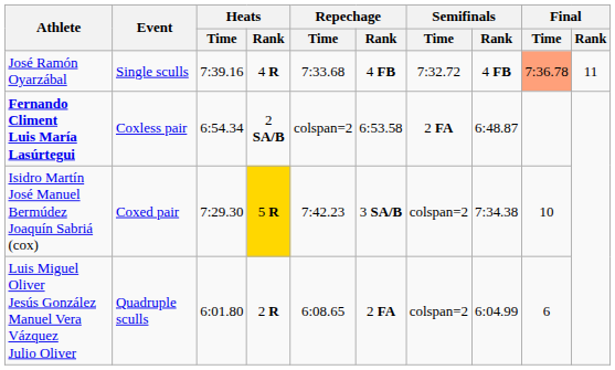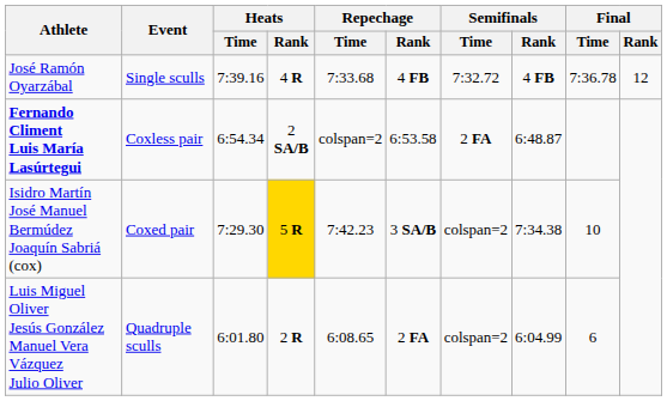 <table class="wikitable" style="font-size:90%">
 <tr>
 <th rowspan="2">Athlete</th>
 <th rowspan="2">Event</th>
 <th colspan="2">Heats</th>
 <th colspan="2">Repechage</th>
 <th colspan="2">Semifinals</th>
 <th colspan="2">Final</th>
 </tr>
 <tr style="font-size:95%">
 <th>Time</th>
 <th>Rank</th>
 <th>Time</th>
 <th>Rank</th>
 <th>Time</th>
 <th>Rank</th>
 <th>Time</th>
 <th>Rank</th>
 </tr>
 <tr align=center>
 <td align=left><a href='#'>José Ramón Oyarzábal</a></td>
 <td align=left><a href='#'>Single sculls</a></td>
 <td>7:39.16</td>
 <td>4 <strong>R</strong></td>
 <td>7:33.68</td>
 <td>4 <strong>FB</strong></td>
 <td>7:32.72</td>
 <td>4 <strong>FB</strong></td>
-<td style="background: lightsalmon;">7:36.78</td>
-<td>11</td>
+<td>7:36.78</td>
+<td>12</td>
 </tr>
 <tr align=center>
 <td align=left><strong><a href='#'>Fernando Climent</a><br><a href='#'>Luis María Lasúrtegui</a></strong></td>
 <td align=left><a href='#'>Coxless pair</a></td>
 <td>6:54.34</td>
 <td>2 <strong>SA/B</strong></td>
 <td>colspan=2 </td>
 <td>6:53.58</td>
 <td>2 <strong>FA</strong></td>
 <td>6:48.87</td>
 <td></td>
 </tr>
 <tr align=center>
 <td align=left><a href='#'>Isidro Martín</a><br><a href='#'>José Manuel Bermúdez</a><br><a href='#'>Joaquín Sabriá</a> (cox)</td>
 <td align=left><a href='#'>Coxed pair</a></td>
 <td>7:29.30</td>
 <td style="background: gold;">5 <strong>R</strong></td>
 <td>7:42.23</td>
 <td>3 <strong>SA/B</strong></td>
 <td>colspan=2 </td>
 <td>7:34.38</td>
 <td>10</td>
 </tr>
 <tr align=center>
 <td align=left><a href='#'>Luis Miguel Oliver</a><br><a href='#'>Jesús González</a><br><a href='#'>Manuel Vera Vázquez</a><br><a href='#'>Julio Oliver</a></td>
 <td align=left><a href='#'>Quadruple sculls</a></td>
 <td>6:01.80</td>
 <td>2 <strong>R</strong></td>
 <td>6:08.65</td>
 <td>2 <strong>FA</strong></td>
 <td>colspan=2 </td>
 <td>6:04.99</td>
 <td>6</td>
 </tr>
 </table>
